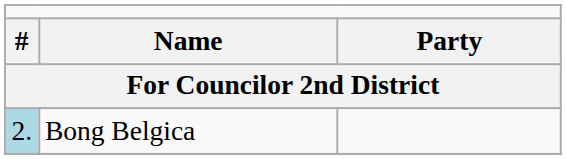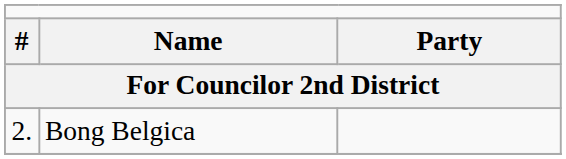 <table class=wikitable style="font-size:90%">
 <tr>
 <td colspan=4 bgcolor=></td>
 </tr>
 <tr>
 <th>#</th>
 <th width=150px>Name</th>
 <th colspan=2 width=110px>Party</th>
 </tr>
 <tr>
 <th colspan=5>For Councilor 2nd District</th>
 </tr>
 <tr>
-<td style="background: lightblue;">2.</td>
+<td>2.</td>
 <td>Bong Belgica</td>
 <td></td>
 </tr>
 <tr>
 </tr>
 </table>
